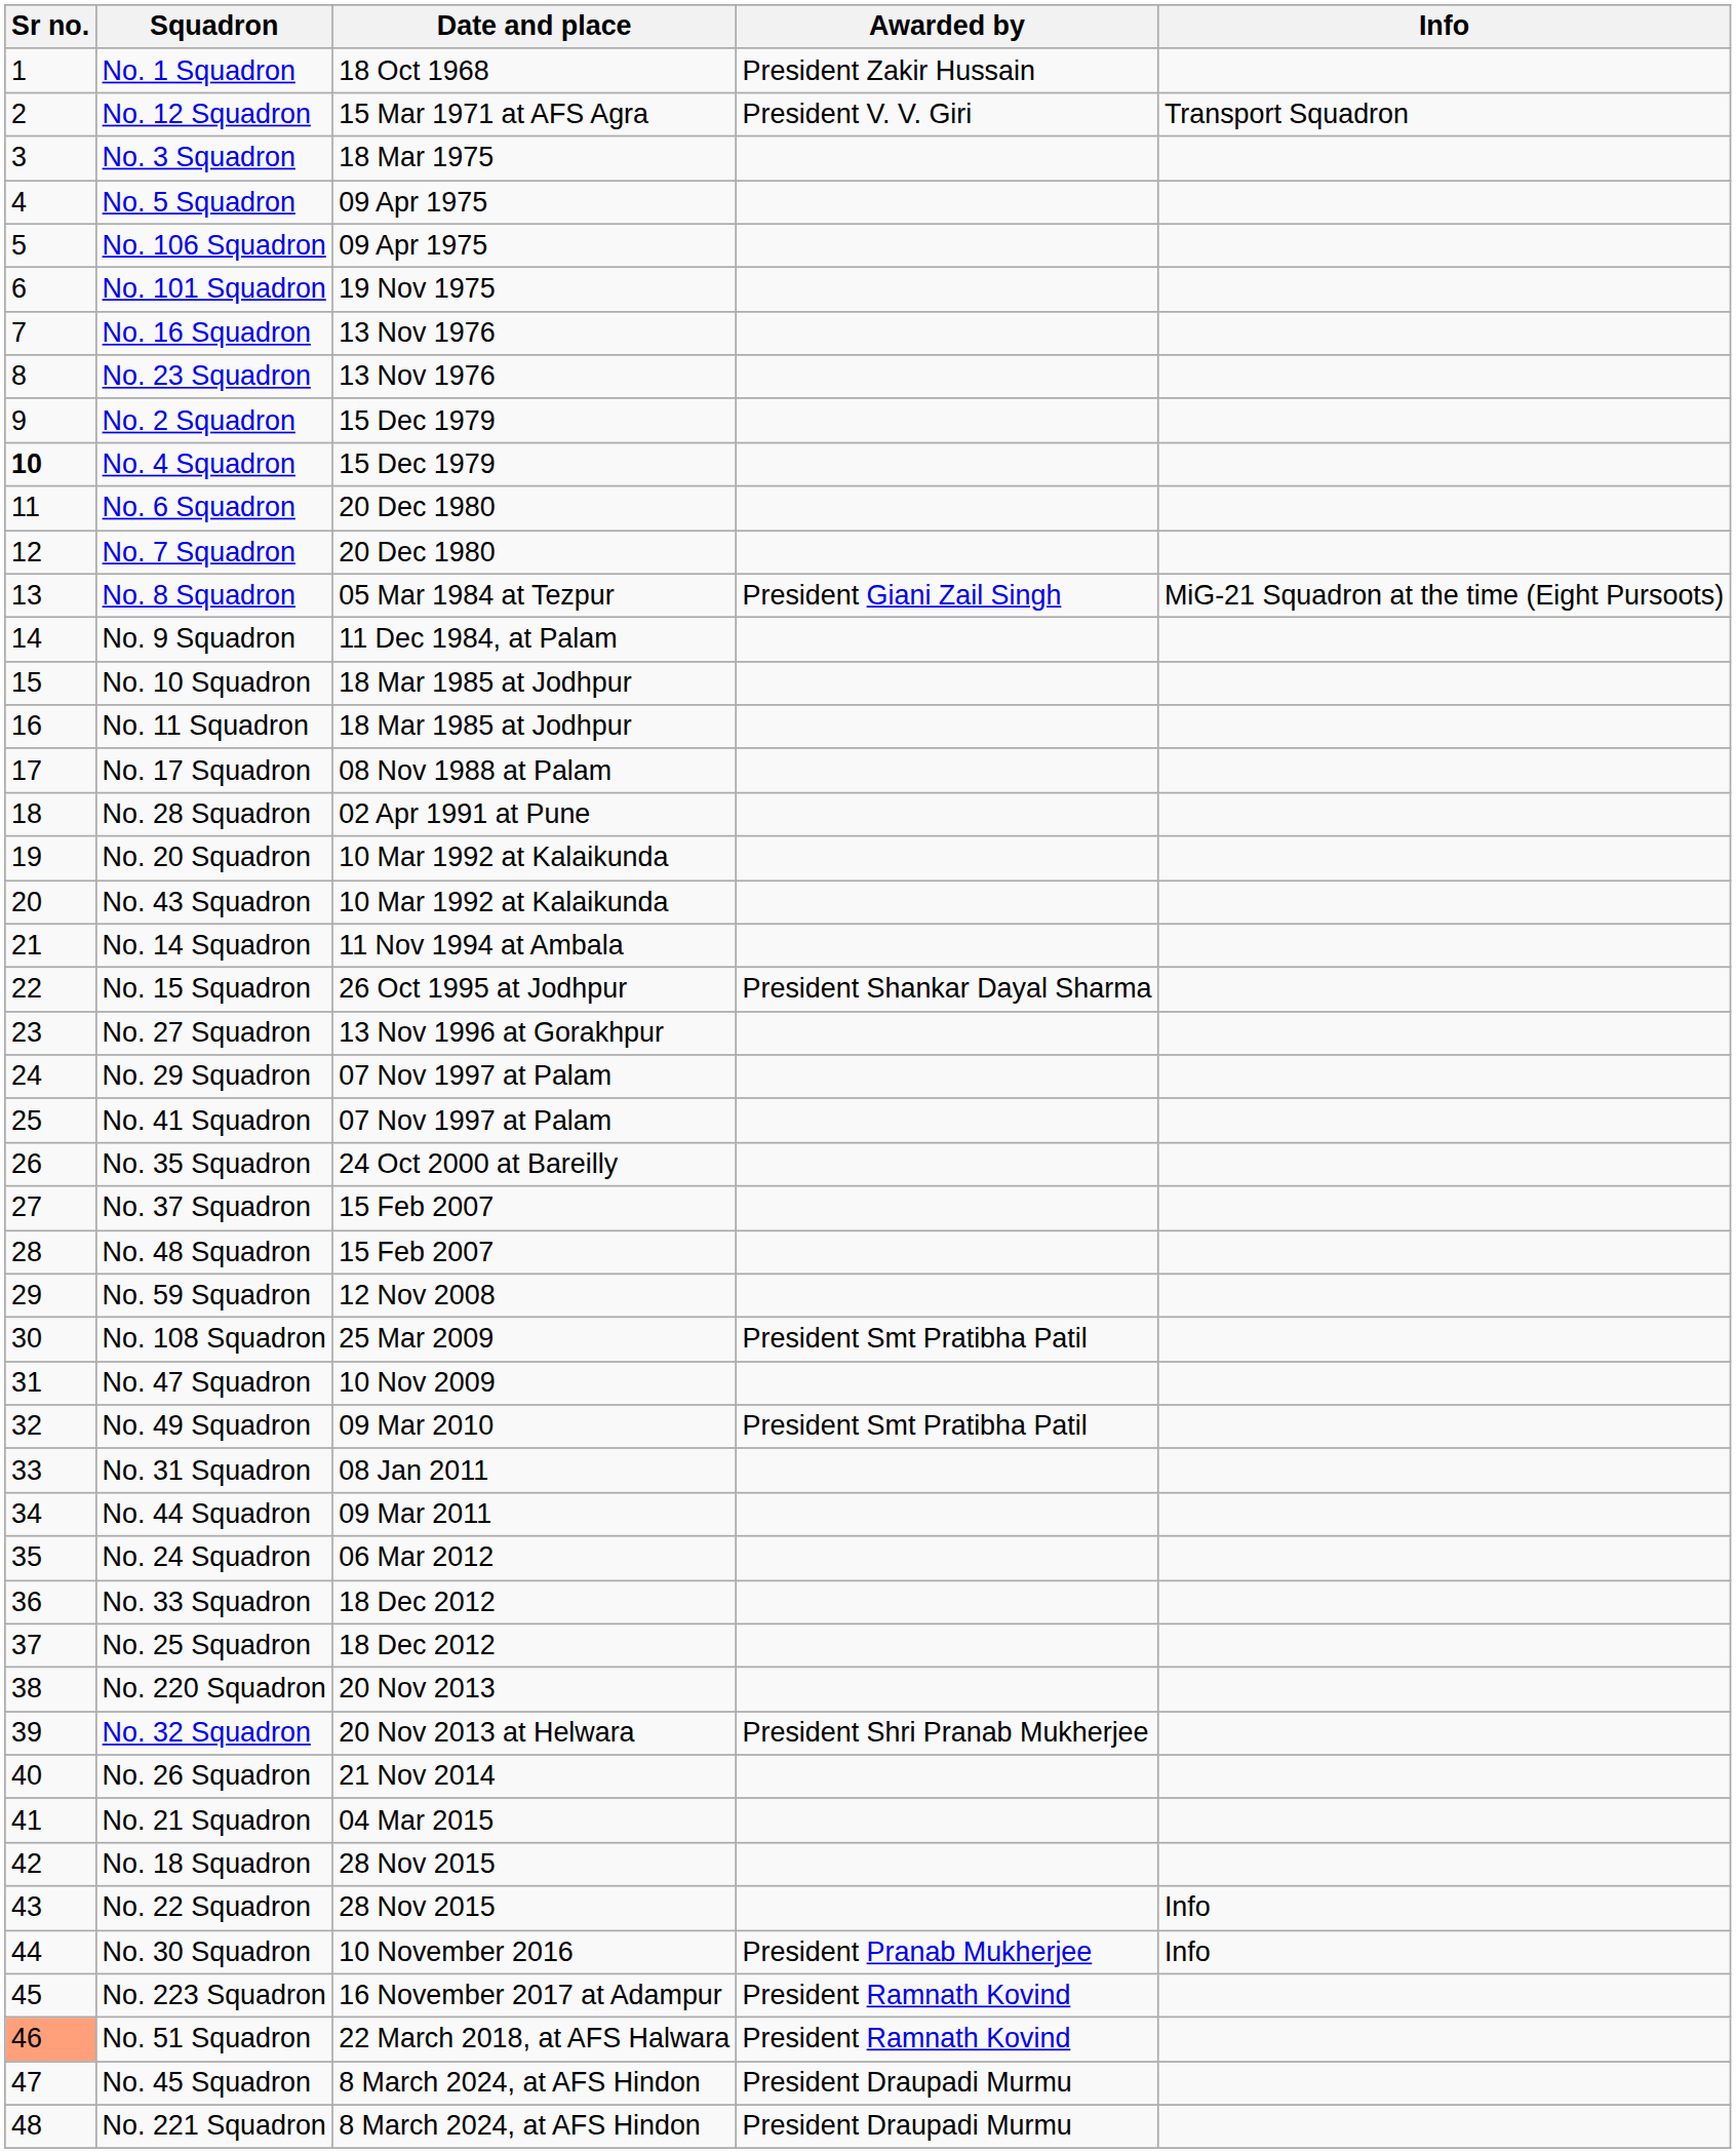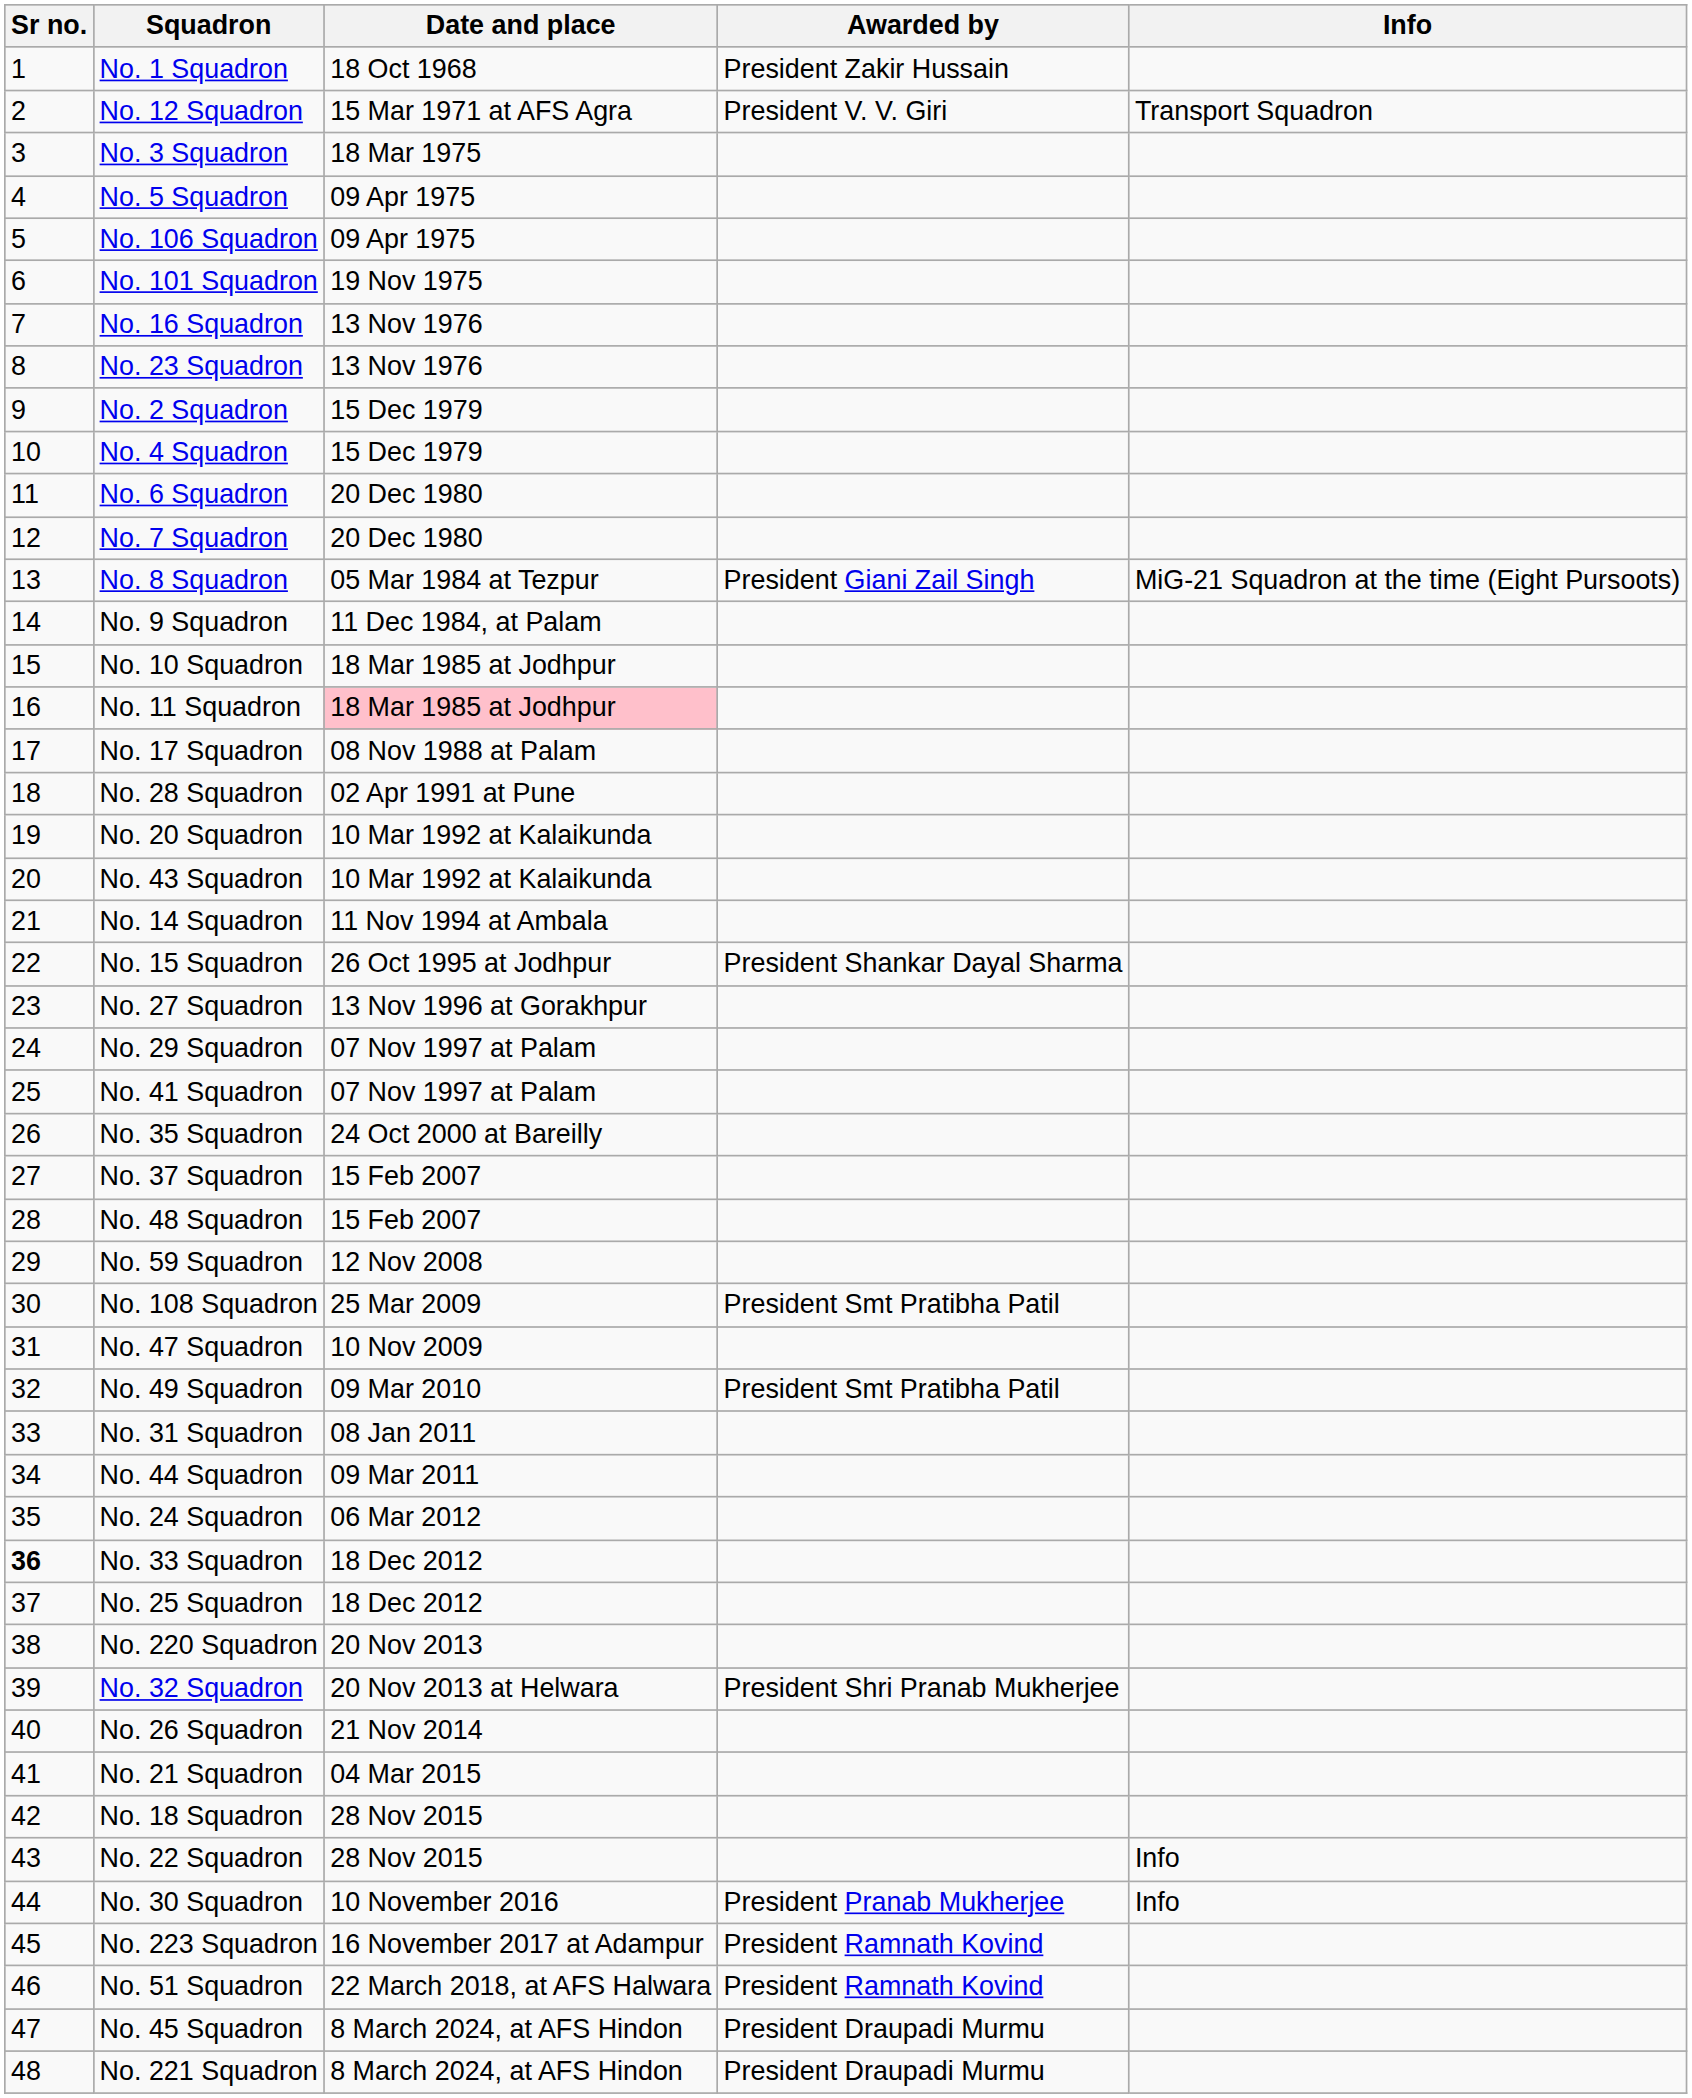 <table class=wikitable>
 <tr>
 <th>Sr no.</th>
 <th>Squadron</th>
 <th>Date and place</th>
 <th>Awarded by</th>
 <th>Info</th>
 </tr>
 <tr>
 <td>1</td>
 <td><a href='#'>No. 1 Squadron</a></td>
 <td>18 Oct 1968</td>
 <td>President Zakir Hussain</td>
 <td></td>
 </tr>
 <tr>
 <td>2</td>
 <td><a href='#'>No. 12 Squadron</a></td>
 <td>15 Mar 1971 at AFS Agra</td>
 <td>President V. V. Giri</td>
 <td>Transport Squadron</td>
 </tr>
 <tr>
 <td>3</td>
 <td><a href='#'>No. 3 Squadron</a></td>
 <td>18 Mar 1975</td>
 <td></td>
 <td></td>
 </tr>
 <tr>
 <td>4</td>
 <td><a href='#'>No. 5 Squadron</a></td>
 <td>09 Apr 1975</td>
 <td></td>
 <td></td>
 </tr>
 <tr>
 <td>5</td>
 <td><a href='#'>No. 106 Squadron</a></td>
 <td>09 Apr 1975</td>
 <td></td>
 <td></td>
 </tr>
 <tr>
 <td>6</td>
 <td><a href='#'>No. 101 Squadron</a></td>
 <td>19 Nov 1975</td>
 <td></td>
 <td></td>
 </tr>
 <tr>
 <td>7</td>
 <td><a href='#'>No. 16 Squadron</a></td>
 <td>13 Nov 1976</td>
 <td></td>
 <td></td>
 </tr>
 <tr>
 <td>8</td>
 <td><a href='#'>No. 23 Squadron</a></td>
 <td>13 Nov 1976</td>
 <td></td>
 <td></td>
 </tr>
 <tr>
 <td>9</td>
 <td><a href='#'>No. 2 Squadron</a></td>
 <td>15 Dec 1979</td>
 <td></td>
 <td></td>
 </tr>
 <tr>
-<td><strong>10</strong></td>
+<td>10</td>
 <td><a href='#'>No. 4 Squadron</a></td>
 <td>15 Dec 1979</td>
 <td></td>
 <td></td>
 </tr>
 <tr>
 <td>11</td>
 <td><a href='#'>No. 6 Squadron</a></td>
 <td>20 Dec 1980</td>
 <td></td>
 <td></td>
 </tr>
 <tr>
 <td>12</td>
 <td><a href='#'>No. 7 Squadron</a></td>
 <td>20 Dec 1980</td>
 <td></td>
 <td></td>
 </tr>
 <tr>
 <td>13</td>
 <td><a href='#'>No. 8 Squadron</a></td>
 <td>05 Mar 1984 at Tezpur</td>
 <td>President <a href='#'>Giani Zail Singh</a></td>
 <td>MiG-21 Squadron at the time (Eight Pursoots)</td>
 </tr>
 <tr>
 <td>14</td>
 <td>No. 9 Squadron</td>
 <td>11 Dec 1984, at Palam</td>
 <td></td>
 <td></td>
 </tr>
 <tr>
 <td>15</td>
 <td>No. 10 Squadron</td>
 <td>18 Mar 1985 at Jodhpur</td>
 <td></td>
 <td></td>
 </tr>
 <tr>
 <td>16</td>
 <td>No. 11 Squadron</td>
-<td>18 Mar 1985 at Jodhpur</td>
+<td style="background: pink;">18 Mar 1985 at Jodhpur</td>
 <td></td>
 <td></td>
 </tr>
 <tr>
 <td>17</td>
 <td>No. 17 Squadron</td>
 <td>08 Nov 1988 at Palam</td>
 <td></td>
 <td></td>
 </tr>
 <tr>
 <td>18</td>
 <td>No. 28 Squadron</td>
 <td>02 Apr 1991 at Pune</td>
 <td></td>
 <td></td>
 </tr>
 <tr>
 <td>19</td>
 <td>No. 20 Squadron</td>
 <td>10 Mar 1992 at Kalaikunda</td>
 <td></td>
 <td></td>
 </tr>
 <tr>
 <td>20</td>
 <td>No. 43 Squadron</td>
 <td>10 Mar 1992 at Kalaikunda</td>
 <td></td>
 <td></td>
 </tr>
 <tr>
 <td>21</td>
 <td>No. 14 Squadron</td>
 <td>11 Nov 1994 at Ambala</td>
 <td></td>
 <td></td>
 </tr>
 <tr>
 <td>22</td>
 <td>No. 15 Squadron</td>
 <td>26 Oct 1995 at Jodhpur</td>
 <td>President Shankar Dayal Sharma</td>
 <td></td>
 </tr>
 <tr>
 <td>23</td>
 <td>No. 27 Squadron</td>
 <td>13 Nov 1996 at Gorakhpur</td>
 <td></td>
 <td></td>
 </tr>
 <tr>
 <td>24</td>
 <td>No. 29 Squadron</td>
 <td>07 Nov 1997 at Palam</td>
 <td></td>
 <td></td>
 </tr>
 <tr>
 <td>25</td>
 <td>No. 41 Squadron</td>
 <td>07 Nov 1997 at Palam</td>
 <td></td>
 <td></td>
 </tr>
 <tr>
 <td>26</td>
 <td>No. 35 Squadron</td>
 <td>24 Oct 2000 at Bareilly</td>
 <td></td>
 <td></td>
 </tr>
 <tr>
 <td>27</td>
 <td>No. 37 Squadron</td>
 <td>15 Feb 2007</td>
 <td></td>
 <td></td>
 </tr>
 <tr>
 <td>28</td>
 <td>No. 48 Squadron</td>
 <td>15 Feb 2007</td>
 <td></td>
 <td></td>
 </tr>
 <tr>
 <td>29</td>
 <td>No. 59 Squadron</td>
 <td>12 Nov 2008</td>
 <td></td>
 <td></td>
 </tr>
 <tr>
 <td>30</td>
 <td>No. 108 Squadron</td>
 <td>25 Mar 2009</td>
 <td>President Smt Pratibha Patil</td>
 <td></td>
 </tr>
 <tr>
 <td>31</td>
 <td>No. 47 Squadron</td>
 <td>10 Nov 2009</td>
 <td></td>
 <td></td>
 </tr>
 <tr>
 <td>32</td>
 <td>No. 49 Squadron</td>
 <td>09 Mar 2010</td>
 <td>President Smt Pratibha Patil</td>
 <td></td>
 </tr>
 <tr>
 <td>33</td>
 <td>No. 31 Squadron</td>
 <td>08 Jan 2011</td>
 <td></td>
 <td></td>
 </tr>
 <tr>
 <td>34</td>
 <td>No. 44 Squadron</td>
 <td>09 Mar 2011</td>
 <td></td>
 <td></td>
 </tr>
 <tr>
 <td>35</td>
 <td>No. 24 Squadron</td>
 <td>06 Mar 2012</td>
 <td></td>
 <td></td>
 </tr>
 <tr>
-<td>36</td>
+<td><strong>36</strong></td>
 <td>No. 33 Squadron</td>
 <td>18 Dec 2012</td>
 <td></td>
 <td></td>
 </tr>
 <tr>
 <td>37</td>
 <td>No. 25 Squadron</td>
 <td>18 Dec 2012</td>
 <td></td>
 <td></td>
 </tr>
 <tr>
 <td>38</td>
 <td>No. 220 Squadron</td>
 <td>20 Nov 2013</td>
 <td></td>
 <td></td>
 </tr>
 <tr>
 <td>39</td>
 <td><a href='#'>No. 32 Squadron</a></td>
 <td>20 Nov 2013 at Helwara</td>
 <td>President Shri Pranab Mukherjee</td>
 <td></td>
 </tr>
 <tr>
 <td>40</td>
 <td>No. 26 Squadron</td>
 <td>21 Nov 2014</td>
 <td></td>
 <td></td>
 </tr>
 <tr>
 <td>41</td>
 <td>No. 21 Squadron</td>
 <td>04 Mar 2015</td>
 <td></td>
 <td></td>
 </tr>
 <tr>
 <td>42</td>
 <td>No. 18 Squadron</td>
 <td>28 Nov 2015</td>
 <td></td>
 <td></td>
 </tr>
 <tr>
 <td>43</td>
 <td>No. 22 Squadron</td>
 <td>28 Nov 2015</td>
 <td></td>
 <td>Info</td>
 </tr>
 <tr>
 <td>44</td>
 <td>No. 30 Squadron</td>
 <td>10 November 2016</td>
 <td>President <a href='#'>Pranab Mukherjee</a></td>
 <td>Info</td>
 </tr>
 <tr>
 <td>45</td>
 <td>No. 223 Squadron</td>
 <td>16 November 2017 at Adampur</td>
 <td>President <a href='#'>Ramnath Kovind</a></td>
 <td></td>
 </tr>
 <tr>
-<td style="background: lightsalmon;">46</td>
+<td>46</td>
 <td>No. 51 Squadron</td>
 <td>22 March 2018, at AFS Halwara</td>
 <td>President <a href='#'>Ramnath Kovind</a></td>
 <td></td>
 </tr>
 <tr>
 <td>47</td>
 <td>No. 45 Squadron</td>
 <td>8 March 2024, at AFS Hindon</td>
 <td>President Draupadi Murmu</td>
 <td></td>
 </tr>
 <tr>
 <td>48</td>
 <td>No. 221 Squadron</td>
 <td>8 March 2024, at AFS Hindon</td>
 <td>President Draupadi Murmu</td>
 <td></td>
 </tr>
 </table>
